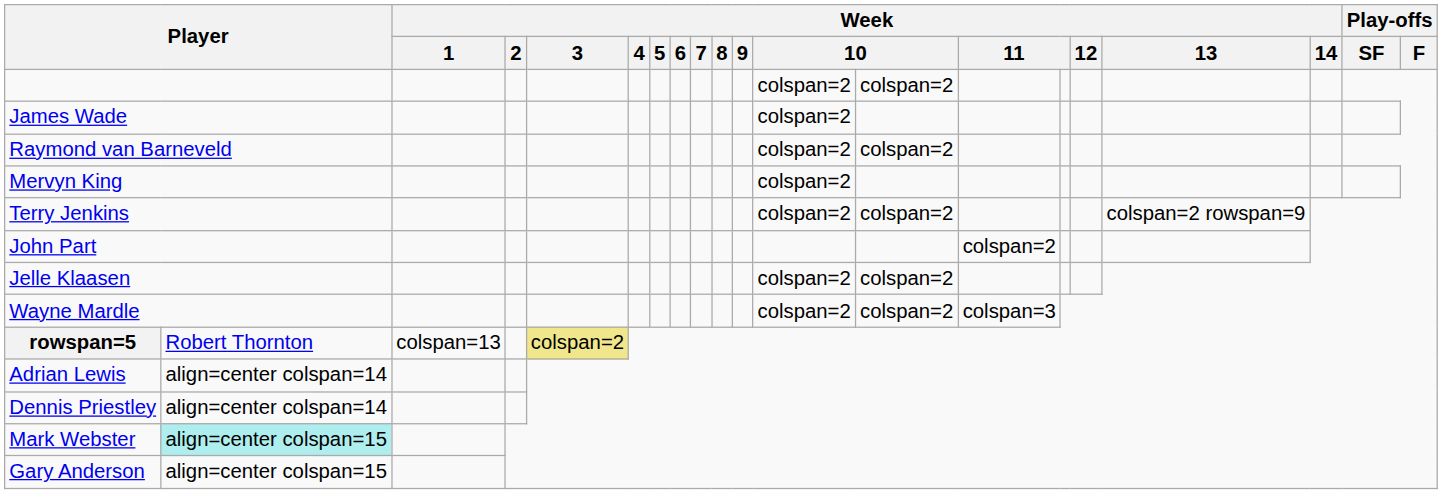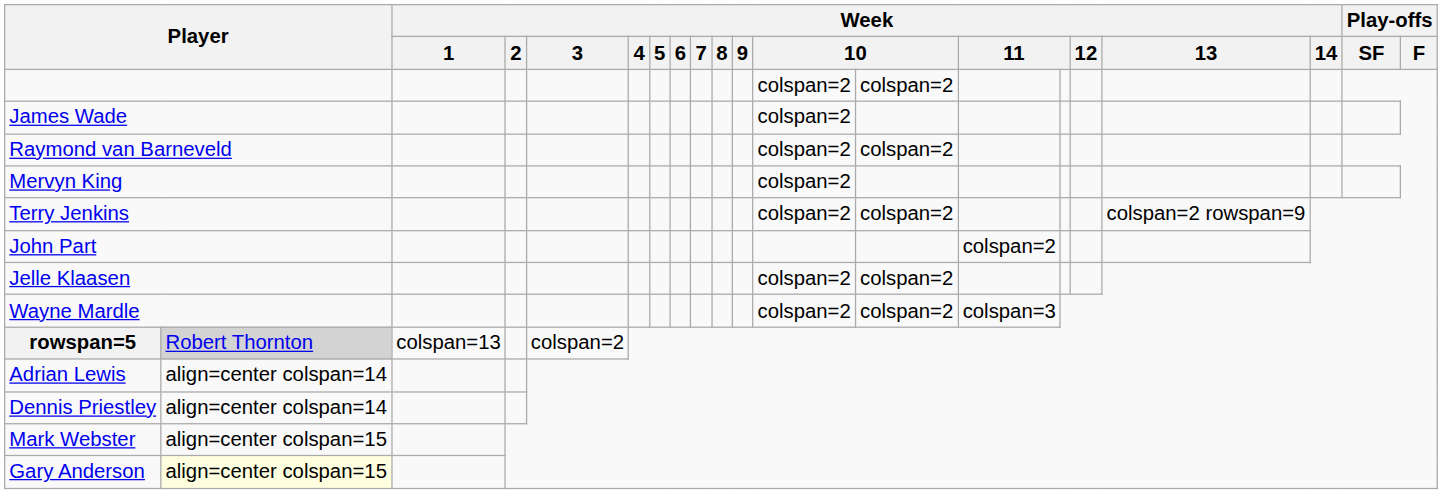 <table class="wikitable">
 <tr>
 <th rowspan=2 colspan=2>Player</th>
 <th colspan=16>Week</th>
 <th colspan=2>Play-offs</th>
 </tr>
 <tr>
 <th>1</th>
 <th>2</th>
 <th>3</th>
 <th>4</th>
 <th>5</th>
 <th>6</th>
 <th>7</th>
 <th>8</th>
 <th>9</th>
 <th colspan=2>10</th>
 <th colspan=2>11</th>
 <th>12</th>
 <th>13</th>
 <th>14</th>
 <th>SF</th>
 <th>F</th>
 </tr>
 <tr>
 <td colspan=2> </td>
 <td></td>
 <td></td>
 <td></td>
 <td></td>
 <td></td>
 <td></td>
 <td></td>
 <td></td>
 <td></td>
 <td>colspan=2 </td>
 <td>colspan=2 </td>
 <td></td>
 <td></td>
 <td></td>
 <td></td>
 <td></td>
 </tr>
 <tr>
 <td colspan=2> <a href='#'>James Wade</a></td>
 <td></td>
 <td></td>
 <td></td>
 <td></td>
 <td></td>
 <td></td>
 <td></td>
 <td></td>
 <td></td>
 <td>colspan=2 </td>
 <td></td>
 <td></td>
 <td></td>
 <td></td>
 <td></td>
 <td></td>
 <td></td>
 </tr>
 <tr>
 <td colspan=2> <a href='#'>Raymond van Barneveld</a></td>
 <td></td>
 <td></td>
 <td></td>
 <td></td>
 <td></td>
 <td></td>
 <td></td>
 <td></td>
 <td></td>
 <td>colspan=2 </td>
 <td>colspan=2 </td>
 <td></td>
 <td></td>
 <td></td>
 <td></td>
 <td></td>
 </tr>
 <tr>
 <td colspan=2> <a href='#'>Mervyn King</a></td>
 <td></td>
 <td></td>
 <td></td>
 <td></td>
 <td></td>
 <td></td>
 <td></td>
 <td></td>
 <td></td>
 <td>colspan=2 </td>
 <td></td>
 <td></td>
 <td></td>
 <td></td>
 <td></td>
 <td></td>
 <td></td>
 </tr>
 <tr>
 <td colspan=2> <a href='#'>Terry Jenkins</a></td>
 <td></td>
 <td></td>
 <td></td>
 <td></td>
 <td></td>
 <td></td>
 <td></td>
 <td></td>
 <td></td>
 <td>colspan=2 </td>
 <td>colspan=2 </td>
 <td></td>
 <td></td>
 <td></td>
 <td>colspan=2 rowspan=9 </td>
 </tr>
 <tr>
 <td colspan=2> <a href='#'>John Part</a></td>
 <td></td>
 <td></td>
 <td></td>
 <td></td>
 <td></td>
 <td></td>
 <td></td>
 <td></td>
 <td></td>
 <td></td>
 <td></td>
 <td>colspan=2 </td>
 <td></td>
 <td></td>
 <td></td>
 </tr>
 <tr>
 <td colspan=2> <a href='#'>Jelle Klaasen</a></td>
 <td></td>
 <td></td>
 <td></td>
 <td></td>
 <td></td>
 <td></td>
 <td></td>
 <td></td>
 <td></td>
 <td>colspan=2 </td>
 <td>colspan=2 </td>
 <td></td>
 <td></td>
 <td></td>
 </tr>
 <tr>
 <td colspan=2> <a href='#'>Wayne Mardle</a></td>
 <td></td>
 <td></td>
 <td></td>
 <td></td>
 <td></td>
 <td></td>
 <td></td>
 <td></td>
 <td></td>
 <td>colspan=2 </td>
 <td>colspan=2 </td>
 <td>colspan=3 </td>
 </tr>
 <tr>
 <th>rowspan=5 </th>
-<td> <a href='#'>Robert Thornton</a></td>
+<td style="background: lightgrey;"> <a href='#'>Robert Thornton</a></td>
 <td>colspan=13 </td>
 <td></td>
-<td style="background: khaki;">colspan=2 </td>
+<td>colspan=2 </td>
 </tr>
 <tr>
 <td> <a href='#'>Adrian Lewis</a></td>
 <td>align=center colspan=14 </td>
 <td></td>
 <td></td>
 </tr>
 <tr>
 <td> <a href='#'>Dennis Priestley</a></td>
 <td>align=center colspan=14 </td>
 <td></td>
 <td></td>
 </tr>
 <tr>
 <td> <a href='#'>Mark Webster</a></td>
-<td style="background: paleturquoise;">align=center colspan=15 </td>
+<td>align=center colspan=15 </td>
 <td></td>
 </tr>
 <tr>
 <td> <a href='#'>Gary Anderson</a></td>
-<td>align=center colspan=15 </td>
+<td style="background: lightyellow;">align=center colspan=15 </td>
 <td></td>
 </tr>
 </table>
